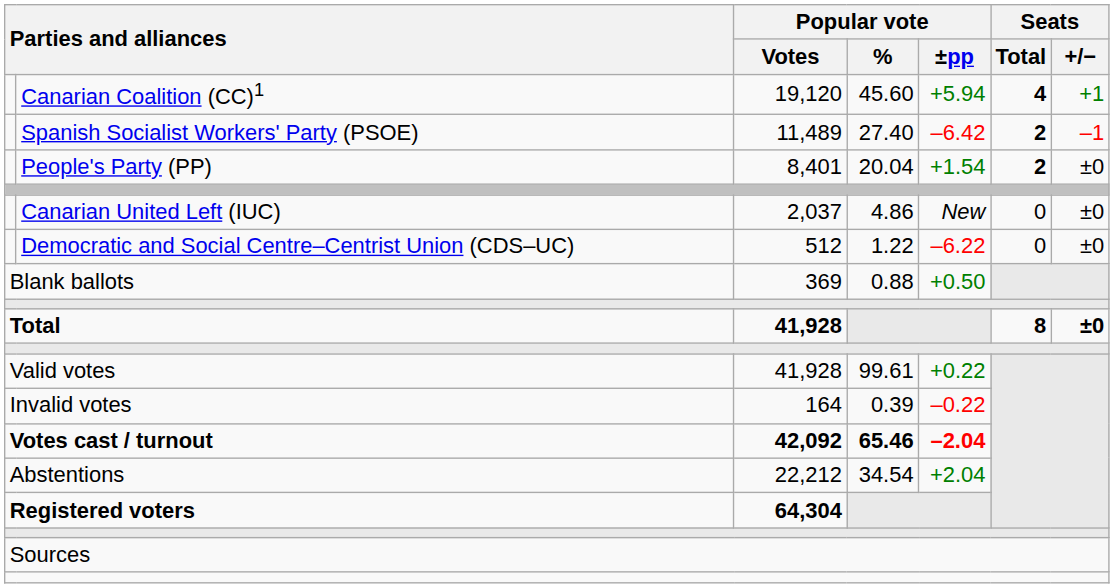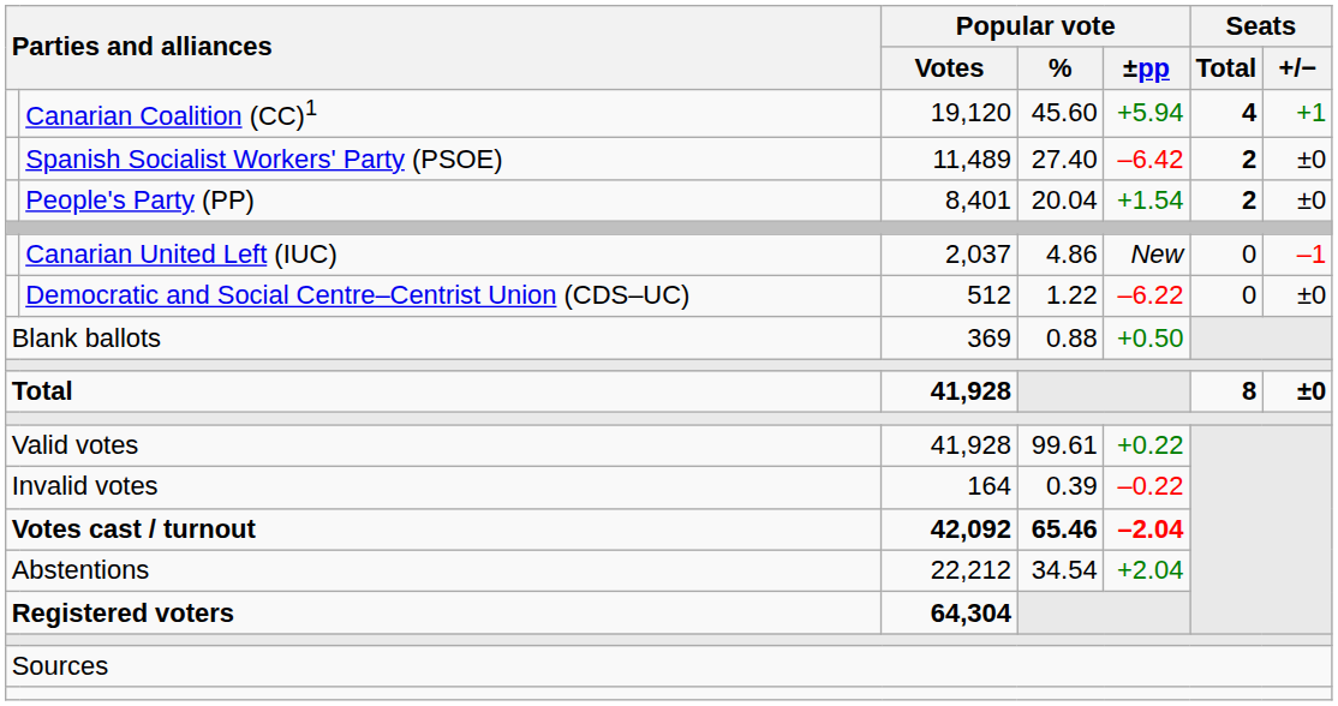 <table class="wikitable" style="text-align:right;">
 <tr>
 <th style="text-align:left;" rowspan="2" colspan="2" width="525">Parties and alliances</th>
 <th colspan="3">Popular vote</th>
 <th colspan="2">Seats</th>
 </tr>
 <tr>
 <th width="75">Votes</th>
 <th width="45">%</th>
 <th width="45">±<a href='#'>pp</a></th>
 <th width="35">Total</th>
 <th width="35">+/−</th>
 </tr>
 <tr>
 <td width="1" style="color:inherit;background:"></td>
 <td align="left"><a href='#'>Canarian Coalition</a> (CC)<sup>1</sup></td>
 <td>19,120</td>
 <td>45.60</td>
 <td style="color:green;">+5.94</td>
 <td><strong>4</strong></td>
 <td style="color:green;">+1</td>
 </tr>
 <tr>
 <td style="color:inherit;background:"></td>
 <td align="left"><a href='#'>Spanish Socialist Workers' Party</a> (PSOE)</td>
 <td>11,489</td>
 <td>27.40</td>
 <td style="color:red;">–6.42</td>
 <td><strong>2</strong></td>
-<td style="color:red;">–1</td>
+<td>±0</td>
 </tr>
 <tr>
 <td style="color:inherit;background:"></td>
 <td align="left"><a href='#'>People's Party</a> (PP)</td>
 <td>8,401</td>
 <td>20.04</td>
 <td style="color:green;">+1.54</td>
 <td><strong>2</strong></td>
 <td>±0</td>
 </tr>
 <tr>
 <td colspan="7" bgcolor="#C0C0C0"></td>
 </tr>
 <tr>
 <td style="color:inherit;background:"></td>
 <td align="left"><a href='#'>Canarian United Left</a> (IUC)</td>
 <td>2,037</td>
 <td>4.86</td>
 <td><em>New</em></td>
 <td>0</td>
-<td>±0</td>
+<td style="color:red;">–1</td>
 </tr>
 <tr>
 <td style="color:inherit;background:"></td>
 <td align="left"><a href='#'>Democratic and Social Centre–Centrist Union</a> (CDS–UC)</td>
 <td>512</td>
 <td>1.22</td>
 <td style="color:red;">–6.22</td>
 <td>0</td>
 <td>±0</td>
 </tr>
 <tr>
 <td align="left" colspan="2">Blank ballots</td>
 <td>369</td>
 <td>0.88</td>
 <td style="color:green;">+0.50</td>
 <td bgcolor="#E9E9E9" colspan="2"></td>
 </tr>
 <tr>
 <td colspan="7" bgcolor="#E9E9E9"></td>
 </tr>
 <tr style="font-weight:bold;">
 <td align="left" colspan="2">Total</td>
 <td>41,928</td>
 <td bgcolor="#E9E9E9" colspan="2"></td>
 <td>8</td>
 <td>±0</td>
 </tr>
 <tr>
 <td colspan="7" bgcolor="#E9E9E9"></td>
 </tr>
 <tr>
 <td align="left" colspan="2">Valid votes</td>
 <td>41,928</td>
 <td>99.61</td>
 <td style="color:green;">+0.22</td>
 <td bgcolor="#E9E9E9" colspan="2" rowspan="5"></td>
 </tr>
 <tr>
 <td align="left" colspan="2">Invalid votes</td>
 <td>164</td>
 <td>0.39</td>
 <td style="color:red;">–0.22</td>
 </tr>
 <tr style="font-weight:bold;">
 <td align="left" colspan="2">Votes cast / turnout</td>
 <td>42,092</td>
 <td>65.46</td>
 <td style="color:red;">–2.04</td>
 </tr>
 <tr>
 <td align="left" colspan="2">Abstentions</td>
 <td>22,212</td>
 <td>34.54</td>
 <td style="color:green;">+2.04</td>
 </tr>
 <tr style="font-weight:bold;">
 <td align="left" colspan="2">Registered voters</td>
 <td>64,304</td>
 <td bgcolor="#E9E9E9" colspan="2"></td>
 </tr>
 <tr>
 <td colspan="7" bgcolor="#E9E9E9"></td>
 </tr>
 <tr>
 <td align="left" colspan="7">Sources</td>
 </tr>
 <tr>
 <td colspan="7" style="text-align:left; max-width:790px;"></td>
 </tr>
 </table>
